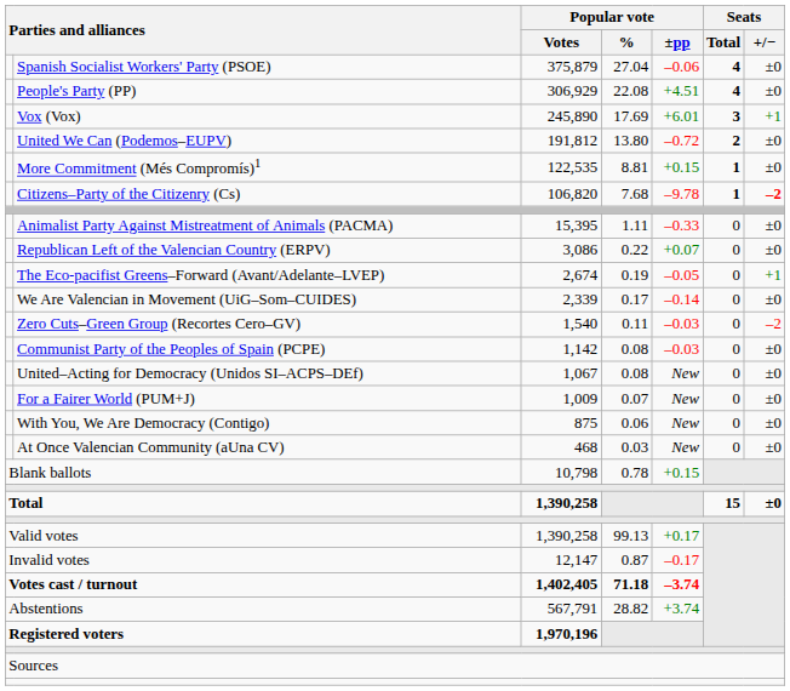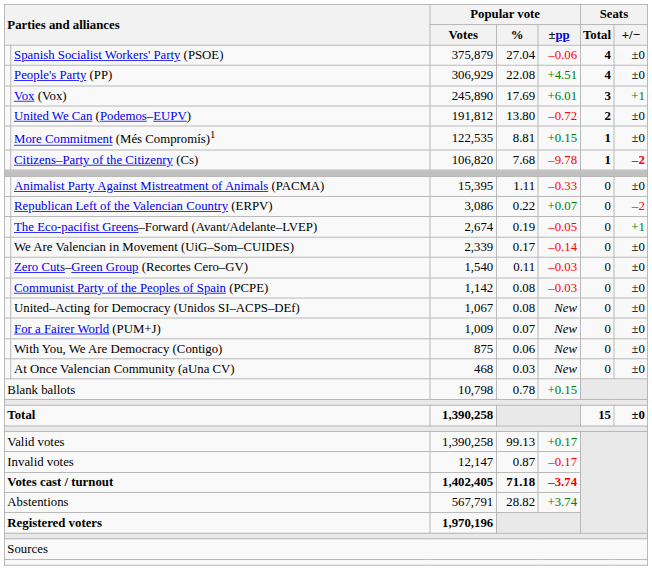 <table class="wikitable" style="text-align:right;">
 <tr>
 <th style="text-align:left;" rowspan="2" colspan="2" width="525">Parties and alliances</th>
 <th colspan="3">Popular vote</th>
 <th colspan="2">Seats</th>
 </tr>
 <tr>
 <th width="75">Votes</th>
 <th width="45">%</th>
 <th width="45">±<a href='#'>pp</a></th>
 <th width="35">Total</th>
 <th width="35">+/−</th>
 </tr>
 <tr>
 <td width="1" style="color:inherit;background:"></td>
 <td align="left"><a href='#'>Spanish Socialist Workers' Party</a> (PSOE)</td>
 <td>375,879</td>
 <td>27.04</td>
 <td style="color:red;">–0.06</td>
 <td><strong>4</strong></td>
 <td>±0</td>
 </tr>
 <tr>
 <td style="color:inherit;background:"></td>
 <td align="left"><a href='#'>People's Party</a> (PP)</td>
 <td>306,929</td>
 <td>22.08</td>
 <td style="color:green;">+4.51</td>
 <td><strong>4</strong></td>
 <td>±0</td>
 </tr>
 <tr>
 <td style="color:inherit;background:"></td>
 <td align="left"><a href='#'>Vox</a> (Vox)</td>
 <td>245,890</td>
 <td>17.69</td>
 <td style="color:green;">+6.01</td>
 <td><strong>3</strong></td>
 <td style="color:green;">+1</td>
 </tr>
 <tr>
 <td style="color:inherit;background:"></td>
 <td align="left"><a href='#'>United We Can</a> (<a href='#'>Podemos</a>–<a href='#'>EUPV</a>)</td>
 <td>191,812</td>
 <td>13.80</td>
 <td style="color:red;">–0.72</td>
 <td><strong>2</strong></td>
 <td>±0</td>
 </tr>
 <tr>
 <td style="color:inherit;background:"></td>
 <td align="left"><a href='#'>More Commitment</a> (Més Compromís)<sup>1</sup></td>
 <td>122,535</td>
 <td>8.81</td>
 <td style="color:green;">+0.15</td>
 <td><strong>1</strong></td>
 <td>±0</td>
 </tr>
 <tr>
 <td style="color:inherit;background:"></td>
 <td align="left"><a href='#'>Citizens–Party of the Citizenry</a> (Cs)</td>
 <td>106,820</td>
 <td>7.68</td>
 <td style="color:red;">–9.78</td>
 <td><strong>1</strong></td>
 <td style="color:red;"><strong>–2</strong></td>
 </tr>
 <tr>
 <td colspan="7" bgcolor="#C0C0C0"></td>
 </tr>
 <tr>
 <td style="color:inherit;background:"></td>
 <td align="left"><a href='#'>Animalist Party Against Mistreatment of Animals</a> (PACMA)</td>
 <td>15,395</td>
 <td>1.11</td>
 <td style="color:red;">–0.33</td>
 <td>0</td>
 <td>±0</td>
 </tr>
 <tr>
 <td style="color:inherit;background:"></td>
 <td align="left"><a href='#'>Republican Left of the Valencian Country</a> (ERPV)</td>
 <td>3,086</td>
 <td>0.22</td>
 <td style="color:green;">+0.07</td>
 <td>0</td>
-<td>±0</td>
+<td style="color:red;">–2</td>
 </tr>
 <tr>
 <td style="color:inherit;background:"></td>
 <td align="left"><a href='#'>The Eco-pacifist Greens</a>–Forward (Avant/Adelante–LVEP)</td>
 <td>2,674</td>
 <td>0.19</td>
 <td style="color:red;">–0.05</td>
 <td>0</td>
 <td style="color:green;">+1</td>
 </tr>
 <tr>
 <td style="color:inherit;background:"></td>
 <td align="left">We Are Valencian in Movement (UiG–Som–CUIDES)</td>
 <td>2,339</td>
 <td>0.17</td>
 <td style="color:red;">–0.14</td>
 <td>0</td>
 <td>±0</td>
 </tr>
 <tr>
 <td style="color:inherit;background:"></td>
 <td align="left"><a href='#'>Zero Cuts</a>–<a href='#'>Green Group</a> (Recortes Cero–GV)</td>
 <td>1,540</td>
 <td>0.11</td>
 <td style="color:red;">–0.03</td>
 <td>0</td>
-<td style="color:red;">–2</td>
+<td>±0</td>
 </tr>
 <tr>
 <td style="color:inherit;background:"></td>
 <td align="left"><a href='#'>Communist Party of the Peoples of Spain</a> (PCPE)</td>
 <td>1,142</td>
 <td>0.08</td>
 <td style="color:red;">–0.03</td>
 <td>0</td>
 <td>±0</td>
 </tr>
 <tr>
 <td style="color:inherit;background:"></td>
 <td align="left">United–Acting for Democracy (Unidos SI–ACPS–DEf)</td>
 <td>1,067</td>
 <td>0.08</td>
 <td><em>New</em></td>
 <td>0</td>
 <td>±0</td>
 </tr>
 <tr>
 <td style="color:inherit;background:"></td>
 <td align="left"><a href='#'>For a Fairer World</a> (PUM+J)</td>
 <td>1,009</td>
 <td>0.07</td>
 <td><em>New</em></td>
 <td>0</td>
 <td>±0</td>
 </tr>
 <tr>
 <td style="color:inherit;background:"></td>
 <td align="left">With You, We Are Democracy (Contigo)</td>
 <td>875</td>
 <td>0.06</td>
 <td><em>New</em></td>
 <td>0</td>
 <td>±0</td>
 </tr>
 <tr>
 <td style="color:inherit;background:"></td>
 <td align="left">At Once Valencian Community (aUna CV)</td>
 <td>468</td>
 <td>0.03</td>
 <td><em>New</em></td>
 <td>0</td>
 <td>±0</td>
 </tr>
 <tr>
 <td align="left" colspan="2">Blank ballots</td>
 <td>10,798</td>
 <td>0.78</td>
 <td style="color:green;">+0.15</td>
 <td bgcolor="#E9E9E9" colspan="2"></td>
 </tr>
 <tr>
 <td colspan="7" bgcolor="#E9E9E9"></td>
 </tr>
 <tr style="font-weight:bold;">
 <td align="left" colspan="2">Total</td>
 <td>1,390,258</td>
 <td bgcolor="#E9E9E9" colspan="2"></td>
 <td>15</td>
 <td>±0</td>
 </tr>
 <tr>
 <td colspan="7" bgcolor="#E9E9E9"></td>
 </tr>
 <tr>
 <td align="left" colspan="2">Valid votes</td>
 <td>1,390,258</td>
 <td>99.13</td>
 <td style="color:green;">+0.17</td>
 <td bgcolor="#E9E9E9" colspan="2" rowspan="5"></td>
 </tr>
 <tr>
 <td align="left" colspan="2">Invalid votes</td>
 <td>12,147</td>
 <td>0.87</td>
 <td style="color:red;">–0.17</td>
 </tr>
 <tr style="font-weight:bold;">
 <td align="left" colspan="2">Votes cast / turnout</td>
 <td>1,402,405</td>
 <td>71.18</td>
 <td style="color:red;">–3.74</td>
 </tr>
 <tr>
 <td align="left" colspan="2">Abstentions</td>
 <td>567,791</td>
 <td>28.82</td>
 <td style="color:green;">+3.74</td>
 </tr>
 <tr style="font-weight:bold;">
 <td align="left" colspan="2">Registered voters</td>
 <td>1,970,196</td>
 <td bgcolor="#E9E9E9" colspan="2"></td>
 </tr>
 <tr>
 <td colspan="7" bgcolor="#E9E9E9"></td>
 </tr>
 <tr>
 <td align="left" colspan="7">Sources</td>
 </tr>
 <tr>
 <td colspan="7" style="text-align:left; max-width:790px;"></td>
 </tr>
 </table>
